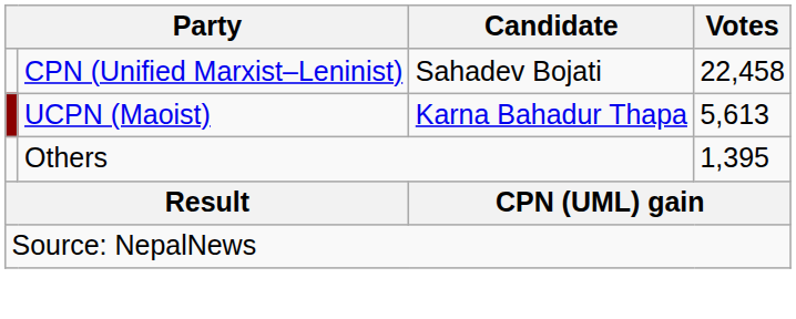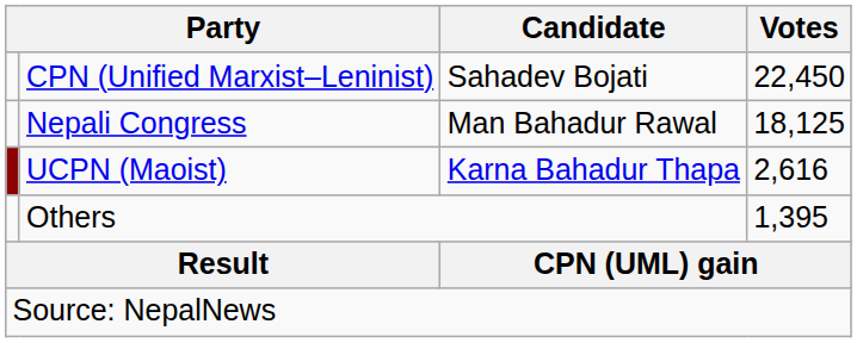 <table class="wikitable">
 <tr>
 <th colspan="2">Party</th>
 <th>Candidate</th>
 <th>Votes</th>
 </tr>
 <tr>
 <td style="background-color:"></td>
 <td><a href='#'>CPN (Unified Marxist–Leninist)</a></td>
 <td>Sahadev Bojati</td>
-<td>22,458</td>
+<td>22,450</td>
+</tr>
+<tr>
+<td style="background-color:"></td>
+<td><a href='#'>Nepali Congress</a></td>
+<td>Man Bahadur Rawal</td>
+<td>18,125</td>
 </tr>
 <tr>
 <td style="background-color:darkred"></td>
 <td><a href='#'>UCPN (Maoist)</a></td>
 <td><a href='#'>Karna Bahadur Thapa</a></td>
-<td>5,613</td>
+<td>2,616</td>
 </tr>
 <tr>
 <td></td>
 <td colspan="2">Others</td>
 <td>1,395</td>
 </tr>
 <tr>
 <th colspan="2">Result</th>
 <th colspan="2">CPN (UML) gain</th>
 </tr>
 <tr>
 <td colspan="4">Source: NepalNews</td>
 </tr>
 </table>
